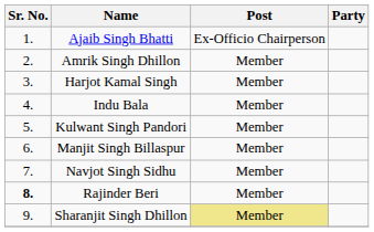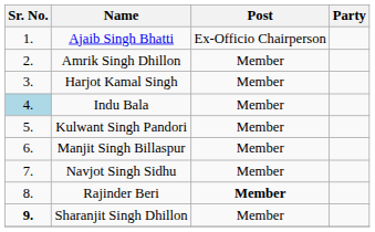 <table class="wikitable sortable">
 <tr>
 <th>Sr. No.</th>
 <th>Name</th>
 <th>Post</th>
 <th colspan="2">Party</th>
 </tr>
 <tr align="center">
 <td>1.</td>
 <td><a href='#'>Ajaib Singh Bhatti</a></td>
 <td>Ex-Officio Chairperson</td>
 <td></td>
 </tr>
 <tr align="center">
 <td>2.</td>
 <td>Amrik Singh Dhillon</td>
 <td>Member</td>
 <td></td>
 </tr>
 <tr align="center">
 <td>3.</td>
 <td>Harjot Kamal Singh</td>
 <td>Member</td>
 <td></td>
 </tr>
 <tr align="center">
-<td>4.</td>
+<td style="background: lightblue;">4.</td>
 <td>Indu Bala</td>
 <td>Member</td>
 <td></td>
 </tr>
 <tr align="center">
 <td>5.</td>
 <td>Kulwant Singh Pandori</td>
 <td>Member</td>
 <td></td>
 </tr>
 <tr align="center">
 <td>6.</td>
 <td>Manjit Singh Billaspur</td>
 <td>Member</td>
 <td></td>
 </tr>
 <tr align="center">
 <td>7.</td>
 <td>Navjot Singh Sidhu</td>
 <td>Member</td>
 <td></td>
 </tr>
 <tr align="center">
-<td><strong>8.</strong></td>
+<td>8.</td>
 <td>Rajinder Beri</td>
-<td>Member</td>
+<td><strong>Member</strong></td>
 <td></td>
 </tr>
 <tr align="center">
-<td>9.</td>
+<td><strong>9.</strong></td>
 <td>Sharanjit Singh Dhillon</td>
-<td style="background: khaki;">Member</td>
+<td>Member</td>
 <td></td>
 </tr>
 <tr align="center">
 </tr>
 </table>
